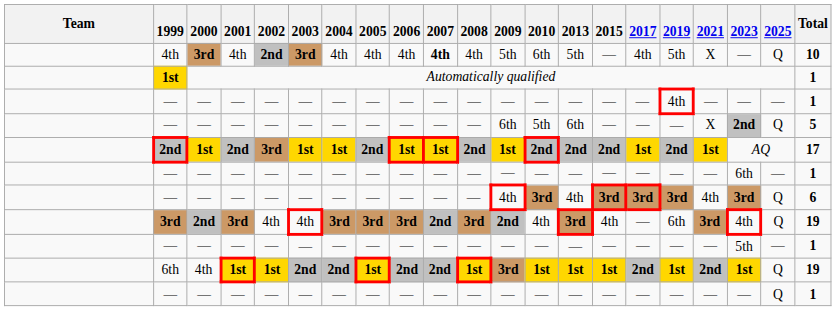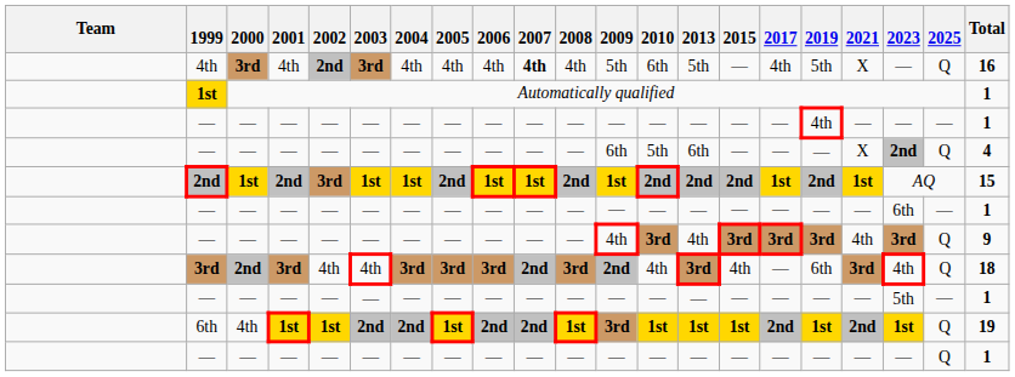 <table class="wikitable" style="text-align:center; font-size:90%">
 <tr>
 <th width=150>Team</th>
 <th><br>1999</th>
 <th><br>2000</th>
 <th><br>2001</th>
 <th><br>2002</th>
 <th><br>2003</th>
 <th><br>2004</th>
 <th><br>2005</th>
 <th><br>2006</th>
 <th><br>2007</th>
 <th><br>2008</th>
 <th><br>2009</th>
 <th><br>2010</th>
 <th><br>2013</th>
 <th><br>2015</th>
 <th><br><a href='#'>2017</a></th>
 <th><br><a href='#'>2019</a></th>
 <th><br><a href='#'>2021</a></th>
 <th><br><a href='#'>2023</a></th>
 <th><br><a href='#'>2025</a></th>
 <th>Total</th>
 </tr>
 <tr>
 <td align=left></td>
 <td>4th</td>
 <td bgcolor=#cc9966><strong>3rd</strong></td>
 <td>4th</td>
 <td bgcolor=Silver><strong>2nd</strong></td>
 <td bgcolor=#cc9966><strong>3rd</strong></td>
 <td>4th</td>
 <td>4th</td>
 <td>4th</td>
 <td><strong>4th</strong></td>
 <td>4th</td>
 <td>5th</td>
 <td>6th</td>
 <td>5th</td>
 <td>―</td>
 <td>4th</td>
 <td>5th</td>
 <td>X</td>
 <td>―</td>
 <td>Q</td>
-<td><strong>10</strong></td>
+<td><strong>16</strong></td>
 </tr>
 <tr>
 <td align=left></td>
 <td bgcolor=Gold><strong>1st</strong></td>
 <td colspan="18"><em>Automatically qualified</em></td>
 <td><strong>1</strong></td>
 </tr>
 <tr>
 <td align=left></td>
 <td>—</td>
 <td>—</td>
 <td>—</td>
 <td>―</td>
 <td>—</td>
 <td>—</td>
 <td>—</td>
 <td>—</td>
 <td>―</td>
 <td>―</td>
 <td>―</td>
 <td>―</td>
 <td>―</td>
 <td>―</td>
 <td>―</td>
 <td style="border: 3px solid red">4th</td>
 <td>―</td>
 <td>―</td>
 <td>―</td>
 <td><strong>1</strong></td>
 </tr>
 <tr>
 <td align=left></td>
 <td>―</td>
 <td>―</td>
 <td>―</td>
 <td>―</td>
 <td>―</td>
 <td>―</td>
 <td>―</td>
 <td>―</td>
 <td>―</td>
 <td>―</td>
 <td>6th</td>
 <td>5th</td>
 <td>6th</td>
 <td>―</td>
 <td>―</td>
 <td>―</td>
 <td>X</td>
 <td bgcolor=Silver><strong>2nd</strong></td>
 <td>Q</td>
-<td><strong>5</strong></td>
+<td><strong>4</strong></td>
 </tr>
 <tr>
 <td align=left></td>
 <td style="border: 3px solid red" bgcolor=Silver><strong>2nd</strong></td>
 <td bgcolor=Gold><strong>1st</strong></td>
 <td bgcolor=Silver><strong>2nd</strong></td>
 <td bgcolor=#cc9966><strong>3rd</strong></td>
 <td bgcolor=Gold><strong>1st</strong></td>
 <td bgcolor=Gold><strong>1st</strong></td>
 <td bgcolor=Silver><strong>2nd</strong></td>
 <td style="border: 3px solid red" bgcolor=Gold><strong>1st</strong></td>
 <td style="border: 3px solid red" bgcolor=Gold><strong>1st</strong></td>
 <td bgcolor=Silver><strong>2nd</strong></td>
 <td bgcolor=Gold><strong>1st</strong></td>
 <td style="border: 3px solid red" bgcolor=Silver><strong>2nd</strong></td>
 <td bgcolor=Silver><strong>2nd</strong></td>
 <td bgcolor=Silver><strong>2nd</strong></td>
 <td bgcolor=Gold><strong>1st</strong></td>
 <td bgcolor=Silver><strong>2nd</strong></td>
 <td bgcolor=Gold><strong>1st</strong></td>
 <td colspan=2><em>AQ</em></td>
-<td><strong>17</strong></td>
+<td><strong>15</strong></td>
 </tr>
 <tr>
 <td align=left></td>
 <td>—</td>
 <td>—</td>
 <td>—</td>
 <td>―</td>
 <td>—</td>
 <td>—</td>
 <td>—</td>
 <td>—</td>
 <td>―</td>
 <td>―</td>
 <td>―</td>
 <td>―</td>
 <td>―</td>
 <td>―</td>
 <td>―</td>
 <td>―</td>
 <td>―</td>
 <td>6th</td>
 <td>―</td>
 <td><strong>1</strong></td>
 </tr>
 <tr>
 <td align=left></td>
 <td>—</td>
 <td>―</td>
 <td>―</td>
 <td>―</td>
 <td>―</td>
 <td>―</td>
 <td>―</td>
 <td>―</td>
 <td>―</td>
 <td>―</td>
 <td style="border: 3px solid red">4th</td>
 <td bgcolor=#cc9966><strong>3rd</strong></td>
 <td>4th</td>
 <td style="border: 3px solid red" bgcolor=#cc9966><strong>3rd</strong></td>
 <td style="border: 3px solid red" bgcolor=#cc9966><strong>3rd</strong></td>
 <td bgcolor=#cc9966><strong>3rd</strong></td>
 <td>4th</td>
 <td bgcolor=#cc9966><strong>3rd</strong></td>
 <td>Q</td>
-<td><strong>6</strong></td>
+<td><strong>9</strong></td>
 </tr>
 <tr>
 <td align=left></td>
 <td bgcolor=#cc9966><strong>3rd</strong></td>
 <td bgcolor=Silver><strong>2nd</strong></td>
 <td bgcolor=#cc9966><strong>3rd</strong></td>
 <td>4th</td>
 <td style="border: 3px solid red">4th</td>
 <td bgcolor=#cc9966><strong>3rd</strong></td>
 <td bgcolor=#cc9966><strong>3rd</strong></td>
 <td bgcolor=#cc9966><strong>3rd</strong></td>
 <td bgcolor=Silver><strong>2nd</strong></td>
 <td bgcolor=#cc9966><strong>3rd</strong></td>
 <td bgcolor=Silver><strong>2nd</strong></td>
 <td>4th</td>
 <td style="border: 3px solid red" bgcolor=#cc9966><strong>3rd</strong></td>
 <td>4th</td>
 <td>―</td>
 <td>6th</td>
 <td bgcolor=#cc9966><strong>3rd</strong></td>
 <td style="border: 3px solid red">4th</td>
 <td>Q</td>
-<td><strong>19</strong></td>
+<td><strong>18</strong></td>
 </tr>
 <tr>
 <td align=left></td>
 <td>—</td>
 <td>—</td>
 <td>—</td>
 <td>―</td>
 <td>—</td>
 <td>—</td>
 <td>—</td>
 <td>—</td>
 <td>―</td>
 <td>―</td>
 <td>―</td>
 <td>―</td>
 <td>―</td>
 <td>―</td>
 <td>―</td>
 <td>―</td>
 <td>―</td>
 <td>5th</td>
 <td>―</td>
 <td><strong>1</strong></td>
 </tr>
 <tr>
 <td align=left></td>
 <td>6th</td>
 <td>4th</td>
 <td style="border: 3px solid red" bgcolor=Gold><strong>1st</strong></td>
 <td bgcolor=Gold><strong>1st</strong></td>
 <td bgcolor=Silver><strong>2nd</strong></td>
 <td bgcolor=Silver><strong>2nd</strong></td>
 <td style="border: 3px solid red" bgcolor=Gold><strong>1st</strong></td>
 <td bgcolor=Silver><strong>2nd</strong></td>
 <td bgcolor=Silver><strong>2nd</strong></td>
 <td style="border: 3px solid red" bgcolor=Gold><strong>1st</strong></td>
 <td bgcolor=#cc9966><strong>3rd</strong></td>
 <td bgcolor=Gold><strong>1st</strong></td>
 <td bgcolor=Gold><strong>1st</strong></td>
 <td bgcolor=Gold><strong>1st</strong></td>
 <td bgcolor=Silver><strong>2nd</strong></td>
 <td bgcolor=Gold><strong>1st</strong></td>
 <td bgcolor=Silver><strong>2nd</strong></td>
 <td bgcolor=Gold><strong>1st</strong></td>
 <td>Q</td>
 <td><strong>19 </strong></td>
 </tr>
 <tr>
 <td align=left></td>
 <td>—</td>
 <td>—</td>
 <td>—</td>
 <td>―</td>
 <td>—</td>
 <td>—</td>
 <td>—</td>
 <td>—</td>
 <td>―</td>
 <td>―</td>
 <td>―</td>
 <td>―</td>
 <td>―</td>
 <td>―</td>
 <td>―</td>
 <td>―</td>
 <td>―</td>
 <td>―</td>
 <td>Q</td>
 <td><strong>1</strong></td>
 </tr>
 </table>
